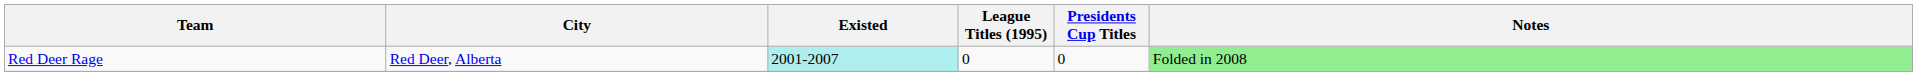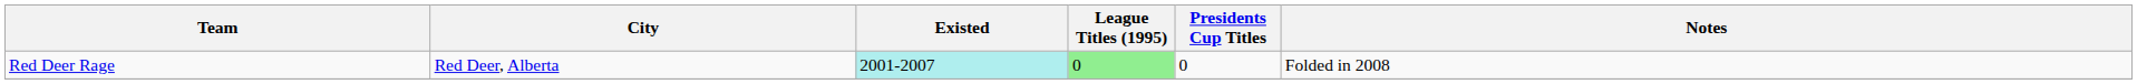 <table class="wikitable">
 <tr>
 <th bgcolor="#DDDDFF" width="20%">Team</th>
 <th bgcolor="#DDDDFF" width="20%">City</th>
 <th bgcolor="#DDDDFF" width="10%">Existed</th>
 <th bgcolor="#DDDDFF" width="5%">League Titles (1995)</th>
 <th bgcolor="#DDDDFF" width="5%"><a href='#'>Presidents Cup</a> Titles</th>
 <th bgcolor="#DDDDFF" width="45%">Notes</th>
 </tr>
 <tr>
 <td><a href='#'>Red Deer Rage</a></td>
 <td><a href='#'>Red Deer</a>, <a href='#'>Alberta</a></td>
 <td style="background: paleturquoise;">2001-2007</td>
+<td style="background: lightgreen;">0</td>
 <td>0</td>
-<td>0</td>
-<td style="background: lightgreen;">Folded in 2008</td>
+<td>Folded in 2008</td>
 </tr>
 <tr>
 </tr>
 </table>
